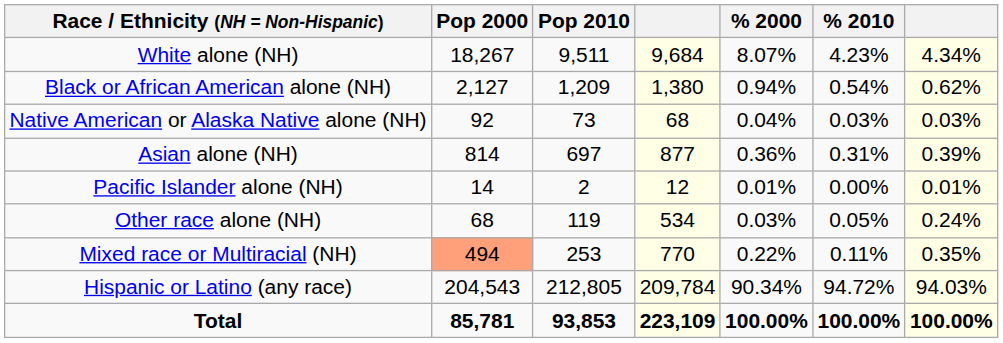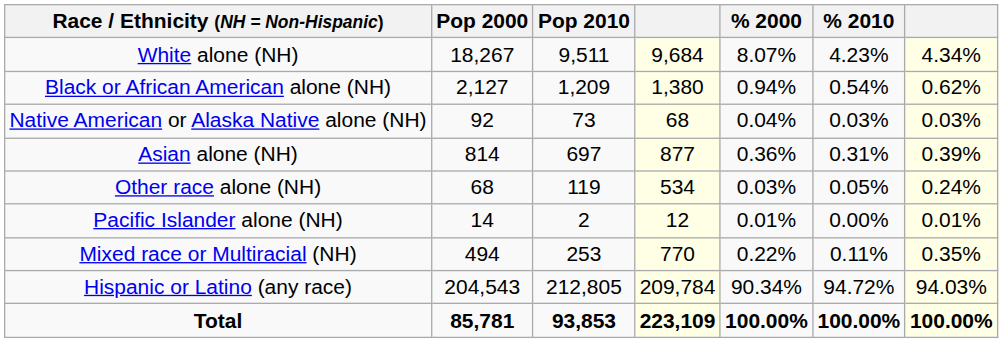 <table class="wikitable" style="text-align:center;">
 <tr>
 <th>Race / Ethnicity <small>(<em>NH = Non-Hispanic</em>)</small></th>
 <th>Pop 2000</th>
 <th>Pop 2010</th>
 <th></th>
 <th>% 2000</th>
 <th>% 2010</th>
 <th></th>
 </tr>
 <tr>
 <td><a href='#'>White</a> alone (NH)</td>
 <td>18,267</td>
 <td>9,511</td>
 <td style='background: #ffffe6;'>9,684</td>
 <td>8.07%</td>
 <td>4.23%</td>
 <td style='background: #ffffe6;'>4.34%</td>
 </tr>
 <tr>
 <td><a href='#'>Black or African American</a> alone (NH)</td>
 <td>2,127</td>
 <td>1,209</td>
 <td style='background: #ffffe6;'>1,380</td>
 <td>0.94%</td>
 <td>0.54%</td>
 <td style='background: #ffffe6;'>0.62%</td>
 </tr>
 <tr>
 <td><a href='#'>Native American</a> or <a href='#'>Alaska Native</a> alone (NH)</td>
 <td>92</td>
 <td>73</td>
 <td style='background: #ffffe6;'>68</td>
 <td>0.04%</td>
 <td>0.03%</td>
 <td style='background: #ffffe6;'>0.03%</td>
 </tr>
 <tr>
 <td><a href='#'>Asian</a> alone (NH)</td>
 <td>814</td>
 <td>697</td>
 <td style='background: #ffffe6;'>877</td>
 <td>0.36%</td>
 <td>0.31%</td>
 <td style='background: #ffffe6;'>0.39%</td>
 </tr>
 <tr>
+<td><a href='#'>Other race</a> alone (NH)</td>
+<td>68</td>
+<td>119</td>
+<td style='background: #ffffe6;'>534</td>
+<td>0.03%</td>
+<td>0.05%</td>
+<td style='background: #ffffe6;'>0.24%</td>
+</tr>
+<tr>
 <td><a href='#'>Pacific Islander</a> alone (NH)</td>
 <td>14</td>
 <td>2</td>
 <td style='background: #ffffe6;'>12</td>
 <td>0.01%</td>
 <td>0.00%</td>
 <td style='background: #ffffe6;'>0.01%</td>
 </tr>
 <tr>
-<td><a href='#'>Other race</a> alone (NH)</td>
-<td>68</td>
-<td>119</td>
-<td style='background: #ffffe6;'>534</td>
-<td>0.03%</td>
-<td>0.05%</td>
-<td style='background: #ffffe6;'>0.24%</td>
-</tr>
-<tr>
 <td><a href='#'>Mixed race or Multiracial</a> (NH)</td>
-<td style="background: lightsalmon;">494</td>
+<td>494</td>
 <td>253</td>
 <td style='background: #ffffe6;'>770</td>
 <td>0.22%</td>
 <td>0.11%</td>
 <td style='background: #ffffe6;'>0.35%</td>
 </tr>
 <tr>
 <td><a href='#'>Hispanic or Latino</a> (any race)</td>
 <td>204,543</td>
 <td>212,805</td>
 <td style='background: #ffffe6;'>209,784</td>
 <td>90.34%</td>
 <td>94.72%</td>
 <td style='background: #ffffe6;'>94.03%</td>
 </tr>
 <tr>
 <td><strong>Total</strong></td>
 <td><strong>85,781</strong></td>
 <td><strong>93,853</strong></td>
 <td style='background: #ffffe6;'><strong>223,109</strong></td>
 <td><strong>100.00%</strong></td>
 <td><strong>100.00%</strong></td>
 <td style='background: #ffffe6;'><strong>100.00%</strong></td>
 </tr>
 </table>
